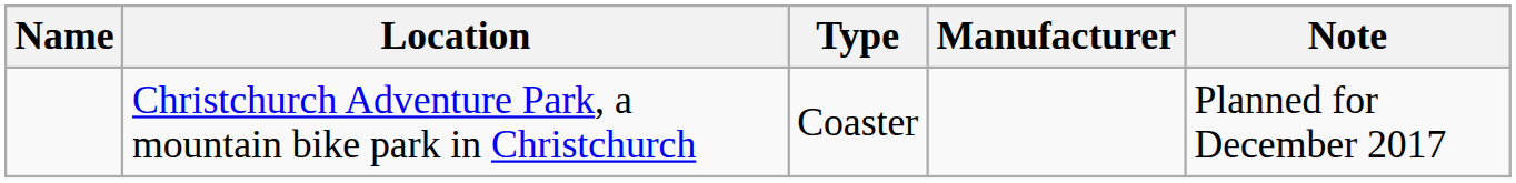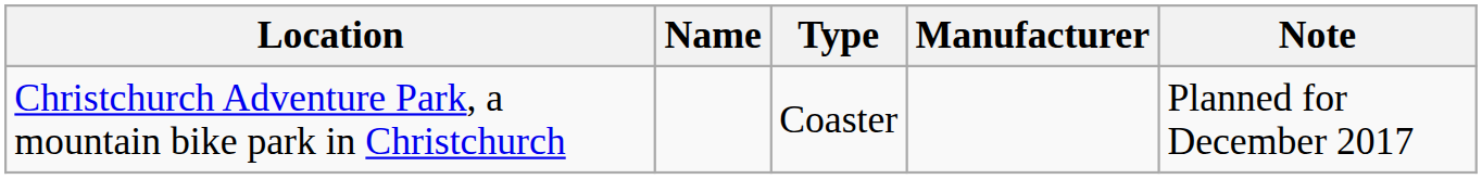 <table class="wikitable sortable">
 <tr>
+<th>Location</th>
 <th>Name</th>
-<th>Location</th>
 <th>Type</th>
 <th>Manufacturer</th>
 <th>Note</th>
 </tr>
 <tr>
+<td><a href='#'>Christchurch Adventure Park</a>, a mountain bike park in <a href='#'>Christchurch</a></td>
 <td></td>
-<td><a href='#'>Christchurch Adventure Park</a>, a mountain bike park in <a href='#'>Christchurch</a></td>
 <td>Coaster</td>
 <td></td>
 <td>Planned for December 2017</td>
 </tr>
 </table>
